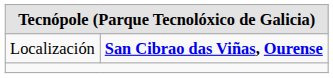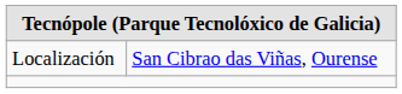 <table border=1 align=right cellpadding=4 cellspacing=0 width=300 style="margin: 0 0 1em 1em; background: #f9f9f9; border: 1px #aaaaaa solid; border-collapse: collapse; font-size: 95%;">
 <tr>
 <th colspan="2" bgcolor="#e3e3e3"><strong>Tecnópole (Parque Tecnolóxico de Galicia)</strong></th>
 </tr>
 <tr>
 <td>Localización</td>
-<td><strong><a href='#'>San Cibrao das Viñas</a>, <a href='#'>Ourense</a></strong></td>
+<td><a href='#'>San Cibrao das Viñas</a>, <a href='#'>Ourense</a></td>
 </tr>
 <tr>
 <td align="center" colspan=2></td>
 </tr>
 </table>
